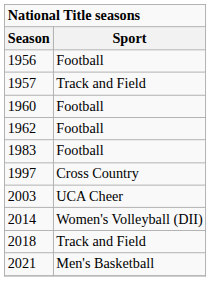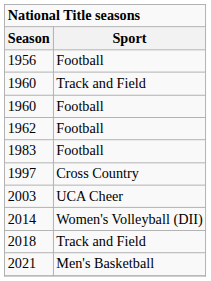 <table class="wikitable">
 <tr>
 <td colspan="2"><strong>National Title seasons</strong></td>
 </tr>
 <tr>
 <th>Season</th>
 <th>Sport</th>
 </tr>
 <tr>
 <td>1956</td>
 <td>Football</td>
 </tr>
 <tr>
-<td>1957</td>
+<td>1960</td>
 <td>Track and Field</td>
 </tr>
 <tr>
 <td>1960</td>
 <td>Football</td>
 </tr>
 <tr>
 <td>1962</td>
 <td>Football</td>
 </tr>
 <tr>
 <td>1983</td>
 <td>Football</td>
 </tr>
 <tr>
 <td>1997</td>
 <td>Cross Country</td>
 </tr>
 <tr>
 <td>2003</td>
 <td>UCA Cheer</td>
 </tr>
 <tr>
 <td>2014</td>
 <td>Women's Volleyball (DII)</td>
 </tr>
 <tr>
 <td>2018</td>
 <td>Track and Field</td>
 </tr>
 <tr>
 <td>2021</td>
 <td>Men's Basketball</td>
 </tr>
 <tr>
 </tr>
 </table>
